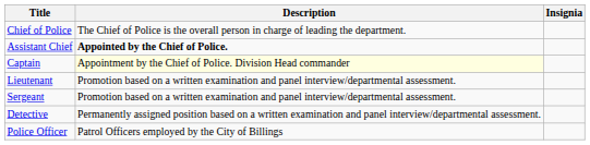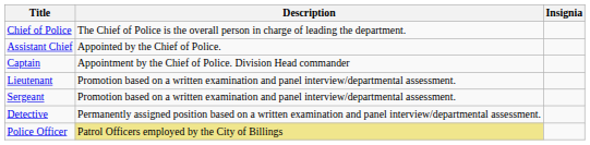 <table border="1" cellspacing="0" cellpadding="5" style="border-collapse:collapse;" class="wikitable">
 <tr>
 <th>Title</th>
 <th>Description</th>
 <th>Insignia</th>
 </tr>
 <tr>
 <td><a href='#'>Chief of Police</a></td>
 <td>The Chief of Police is the overall person in charge of leading the department.</td>
 <td></td>
 </tr>
 <tr>
 <td><a href='#'>Assistant Chief</a></td>
-<td><strong>Appointed by the Chief of Police.</strong></td>
+<td>Appointed by the Chief of Police.</td>
 <td></td>
 </tr>
 <tr>
 <td><a href='#'>Captain</a></td>
-<td style="background: lightyellow;">Appointment by the Chief of Police. Division Head commander</td>
+<td>Appointment by the Chief of Police. Division Head commander</td>
 <td></td>
 </tr>
 <tr>
 <td><a href='#'>Lieutenant</a></td>
 <td>Promotion based on a written examination and panel interview/departmental assessment.</td>
 <td></td>
 </tr>
 <tr>
 <td><a href='#'>Sergeant</a></td>
 <td>Promotion based on a written examination and panel interview/departmental assessment.</td>
 <td></td>
 </tr>
 <tr>
 <td><a href='#'>Detective</a></td>
 <td>Permanently assigned position based on a written examination and panel interview/departmental assessment.</td>
 </tr>
 <tr>
 <td><a href='#'>Police Officer</a></td>
-<td>Patrol Officers employed by the City of Billings</td>
+<td style="background: khaki;">Patrol Officers employed by the City of Billings</td>
 <td></td>
 </tr>
 </table>
